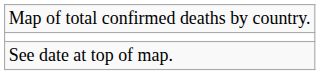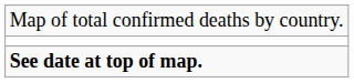 <table class=wikitable>
 <tr>
 <td style=max-width:350px>Map of total confirmed deaths by country.</td>
 </tr>
 <tr>
 <td style=background-color:white;></td>
 </tr>
 <tr>
-<td style=max-width:350px>See date at top of map.</td>
+<td style=max-width:350px><strong>See date at top of map.</strong></td>
 </tr>
 </table>
